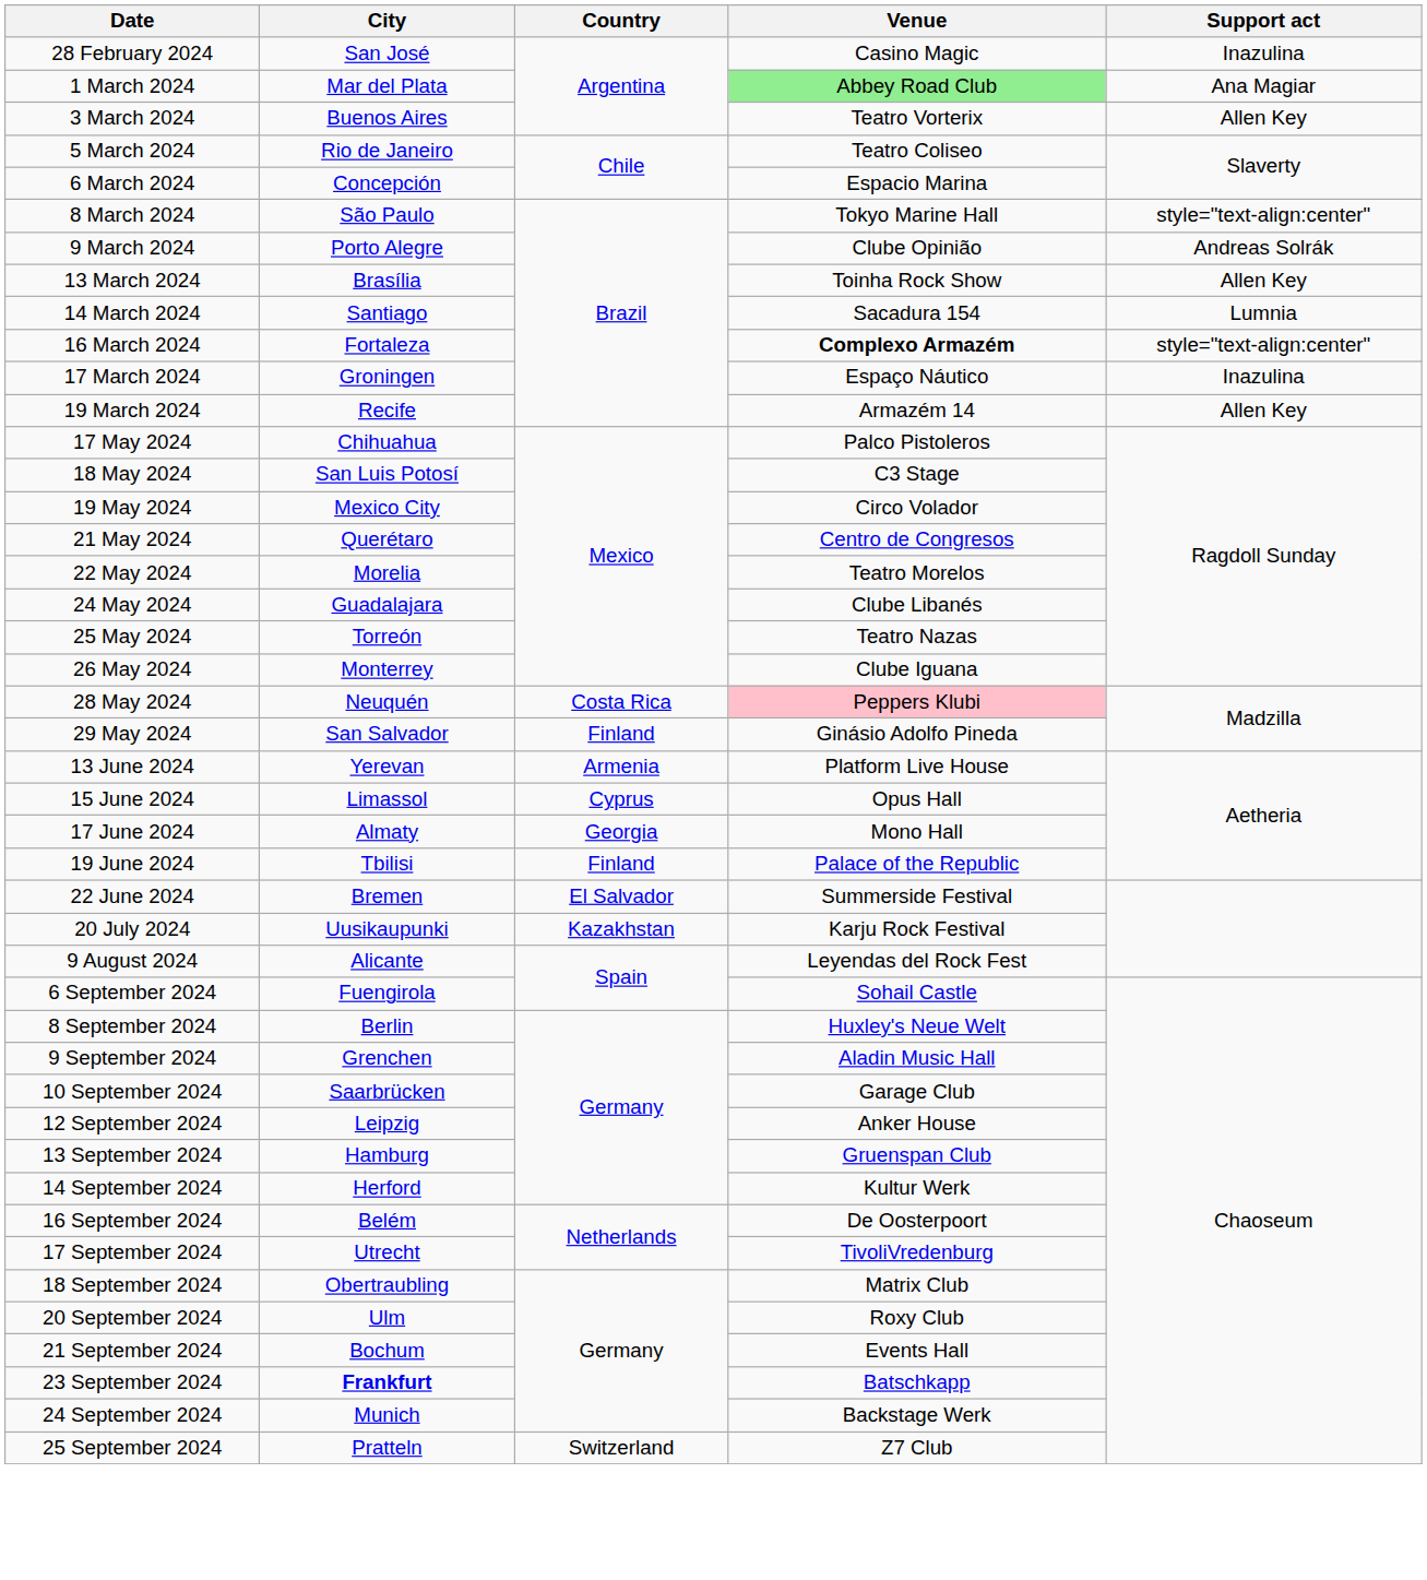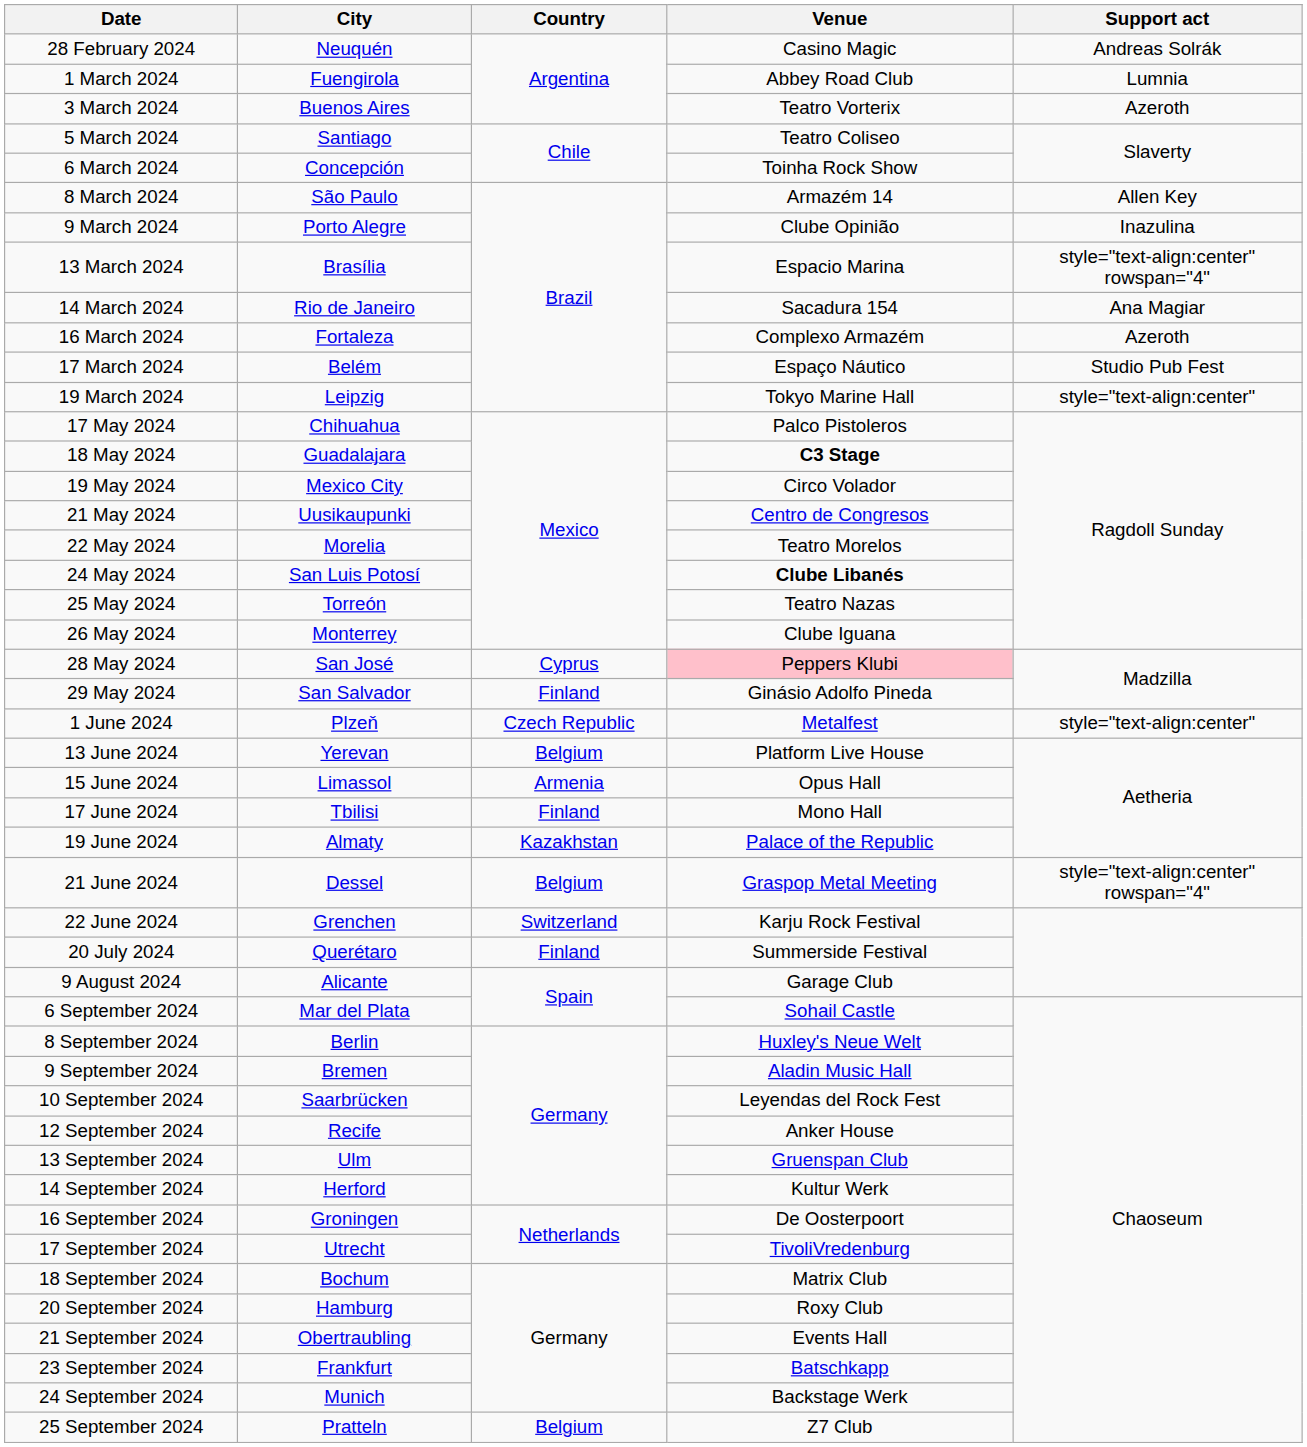 <table class="wikitable plainrowheaders" style="text-align:center;">
 <tr>
 <th scope="col" style="width:12em;">Date</th>
 <th scope="col" style="width:12em;">City</th>
 <th scope="col" style="width:10em;">Country</th>
 <th scope="col" style="width:18em;">Venue</th>
 <th scope="col" style="width:15em;">Support act</th>
 </tr>
 <tr>
 <td style="text-align:center">28 February 2024</td>
-<td style="text-align:center"><a href='#'>San José</a></td>
+<td style="text-align:center"><a href='#'>Neuquén</a></td>
 <td style="text-align:center" rowspan="3"><a href='#'>Argentina</a></td>
 <td style="text-align:center">Casino Magic</td>
-<td style="text-align:center">Inazulina</td>
+<td style="text-align:center">Andreas Solrák</td>
 </tr>
 <tr>
 <td style="text-align:center">1 March 2024</td>
-<td style="text-align:center"><a href='#'>Mar del Plata</a></td>
-<td style="background: lightgreen; text-align:center">Abbey Road Club</td>
-<td style="text-align:center">Ana Magiar</td>
+<td style="text-align:center"><a href='#'>Fuengirola</a></td>
+<td style="text-align:center">Abbey Road Club</td>
+<td style="text-align:center">Lumnia</td>
 </tr>
 <tr>
 <td style="text-align:center">3 March 2024</td>
 <td style="text-align:center"><a href='#'>Buenos Aires</a></td>
 <td style="text-align:center">Teatro Vorterix</td>
-<td style="text-align:center">Allen Key</td>
+<td style="text-align:center">Azeroth</td>
 </tr>
 <tr>
 <td style="text-align:center">5 March 2024</td>
-<td style="text-align:center"><a href='#'>Rio de Janeiro</a></td>
+<td style="text-align:center"><a href='#'>Santiago</a></td>
 <td style="text-align:center" rowspan="2"><a href='#'>Chile</a></td>
 <td style="text-align:center">Teatro Coliseo</td>
 <td style="text-align:center" rowspan="2">Slaverty</td>
 </tr>
 <tr>
 <td style="text-align:center">6 March 2024</td>
 <td style="text-align:center"><a href='#'>Concepción</a></td>
-<td style="text-align:center">Espacio Marina</td>
+<td style="text-align:center">Toinha Rock Show</td>
 </tr>
 <tr>
 <td style="text-align:center">8 March 2024</td>
 <td style="text-align:center"><a href='#'>São Paulo</a></td>
 <td style="text-align:center" rowspan="7"><a href='#'>Brazil</a></td>
-<td style="text-align:center">Tokyo Marine Hall</td>
-<td>style="text-align:center" </td>
+<td style="text-align:center">Armazém 14</td>
+<td style="text-align:center">Allen Key</td>
 </tr>
 <tr>
 <td style="text-align:center">9 March 2024</td>
 <td style="text-align:center"><a href='#'>Porto Alegre</a></td>
 <td style="text-align:center">Clube Opinião</td>
-<td style="text-align:center">Andreas Solrák</td>
+<td style="text-align:center">Inazulina</td>
 </tr>
 <tr>
 <td style="text-align:center">13 March 2024</td>
 <td style="text-align:center"><a href='#'>Brasília</a></td>
-<td style="text-align:center">Toinha Rock Show</td>
-<td style="text-align:center">Allen Key</td>
+<td style="text-align:center">Espacio Marina</td>
+<td>style="text-align:center" rowspan="4" </td>
 </tr>
 <tr>
 <td style="text-align:center">14 March 2024</td>
-<td style="text-align:center"><a href='#'>Santiago</a></td>
+<td style="text-align:center"><a href='#'>Rio de Janeiro</a></td>
 <td style="text-align:center">Sacadura 154</td>
-<td style="text-align:center">Lumnia</td>
+<td style="text-align:center">Ana Magiar</td>
 </tr>
 <tr>
 <td style="text-align:center">16 March 2024</td>
 <td style="text-align:center"><a href='#'>Fortaleza</a></td>
-<td style="text-align:center"><strong>Complexo Armazém</strong></td>
-<td>style="text-align:center" </td>
+<td style="text-align:center">Complexo Armazém</td>
+<td style="text-align:center">Azeroth</td>
 </tr>
 <tr>
 <td style="text-align:center">17 March 2024</td>
-<td style="text-align:center"><a href='#'>Groningen</a></td>
+<td style="text-align:center"><a href='#'>Belém</a></td>
 <td style="text-align:center">Espaço Náutico</td>
-<td style="text-align:center">Inazulina</td>
+<td style="text-align:center">Studio Pub Fest</td>
 </tr>
 <tr>
 <td style="text-align:center">19 March 2024</td>
-<td style="text-align:center"><a href='#'>Recife</a></td>
-<td style="text-align:center">Armazém 14</td>
-<td style="text-align:center">Allen Key</td>
+<td style="text-align:center"><a href='#'>Leipzig</a></td>
+<td style="text-align:center">Tokyo Marine Hall</td>
+<td>style="text-align:center" </td>
 </tr>
 <tr>
 <td style="text-align:center">17 May 2024</td>
 <td style="text-align:center"><a href='#'>Chihuahua</a></td>
 <td style="text-align:center" rowspan="8"><a href='#'>Mexico</a></td>
 <td style="text-align:center">Palco Pistoleros</td>
 <td style="text-align:center" rowspan="8">Ragdoll Sunday</td>
 </tr>
 <tr>
 <td style="text-align:center">18 May 2024</td>
-<td style="text-align:center"><a href='#'>San Luis Potosí</a></td>
-<td style="text-align:center">C3 Stage</td>
+<td style="text-align:center"><a href='#'>Guadalajara</a></td>
+<td style="text-align:center"><strong>C3 Stage</strong></td>
 </tr>
 <tr>
 <td style="text-align:center">19 May 2024</td>
 <td style="text-align:center"><a href='#'>Mexico City</a></td>
 <td style="text-align:center">Circo Volador</td>
 </tr>
 <tr>
 <td style="text-align:center">21 May 2024</td>
-<td style="text-align:center"><a href='#'>Querétaro</a></td>
+<td style="text-align:center"><a href='#'>Uusikaupunki</a></td>
 <td style="text-align:center"><a href='#'>Centro de Congresos</a></td>
 </tr>
 <tr>
 <td style="text-align:center">22 May 2024</td>
 <td style="text-align:center"><a href='#'>Morelia</a></td>
 <td style="text-align:center">Teatro Morelos</td>
 </tr>
 <tr>
 <td style="text-align:center">24 May 2024</td>
-<td style="text-align:center"><a href='#'>Guadalajara</a></td>
-<td style="text-align:center">Clube Libanés</td>
+<td style="text-align:center"><a href='#'>San Luis Potosí</a></td>
+<td style="text-align:center"><strong>Clube Libanés</strong></td>
 </tr>
 <tr>
 <td style="text-align:center">25 May 2024</td>
 <td style="text-align:center"><a href='#'>Torreón</a></td>
 <td style="text-align:center">Teatro Nazas</td>
 </tr>
 <tr>
 <td style="text-align:center">26 May 2024</td>
 <td style="text-align:center"><a href='#'>Monterrey</a></td>
 <td style="text-align:center">Clube Iguana</td>
 </tr>
 <tr>
 <td style="text-align:center">28 May 2024</td>
-<td style="text-align:center"><a href='#'>Neuquén</a></td>
-<td style="text-align:center"><a href='#'>Costa Rica</a></td>
+<td style="text-align:center"><a href='#'>San José</a></td>
+<td style="text-align:center"><a href='#'>Cyprus</a></td>
 <td style="background: pink; text-align:center">Peppers Klubi</td>
 <td style="text-align:center" rowspan="2">Madzilla</td>
 </tr>
 <tr>
 <td style="text-align:center">29 May 2024</td>
 <td style="text-align:center"><a href='#'>San Salvador</a></td>
 <td style="text-align:center"><a href='#'>Finland</a></td>
 <td style="text-align:center">Ginásio Adolfo Pineda</td>
 </tr>
 <tr>
+<td style="text-align:center">1 June 2024</td>
+<td style="text-align:center"><a href='#'>Plzeň</a></td>
+<td style="text-align:center"><a href='#'>Czech Republic</a></td>
+<td style="text-align:center"><a href='#'>Metalfest</a></td>
+<td>style="text-align:center" </td>
+</tr>
+<tr>
 <td style="text-align:center">13 June 2024</td>
 <td style="text-align:center"><a href='#'>Yerevan</a></td>
-<td style="text-align:center"><a href='#'>Armenia</a></td>
+<td style="text-align:center"><a href='#'>Belgium</a></td>
 <td style="text-align:center">Platform Live House</td>
 <td style="text-align:center" rowspan="4">Aetheria</td>
 </tr>
 <tr>
 <td style="text-align:center">15 June 2024</td>
 <td style="text-align:center"><a href='#'>Limassol</a></td>
-<td style="text-align:center"><a href='#'>Cyprus</a></td>
+<td style="text-align:center"><a href='#'>Armenia</a></td>
 <td style="text-align:center">Opus Hall</td>
 </tr>
 <tr>
 <td style="text-align:center">17 June 2024</td>
-<td style="text-align:center"><a href='#'>Almaty</a></td>
-<td style="text-align:center"><a href='#'>Georgia</a></td>
+<td style="text-align:center"><a href='#'>Tbilisi</a></td>
+<td style="text-align:center"><a href='#'>Finland</a></td>
 <td style="text-align:center">Mono Hall</td>
 </tr>
 <tr>
 <td style="text-align:center">19 June 2024</td>
-<td style="text-align:center"><a href='#'>Tbilisi</a></td>
-<td style="text-align:center"><a href='#'>Finland</a></td>
+<td style="text-align:center"><a href='#'>Almaty</a></td>
+<td style="text-align:center"><a href='#'>Kazakhstan</a></td>
 <td style="text-align:center"><a href='#'>Palace of the Republic</a></td>
 </tr>
 <tr>
+<td style="text-align:center">21 June 2024</td>
+<td style="text-align:center"><a href='#'>Dessel</a></td>
+<td style="text-align:center"><a href='#'>Belgium</a></td>
+<td style="text-align:center"><a href='#'>Graspop Metal Meeting</a></td>
+<td>style="text-align:center" rowspan="4" </td>
+</tr>
+<tr>
 <td style="text-align:center">22 June 2024</td>
-<td style="text-align:center"><a href='#'>Bremen</a></td>
-<td style="text-align:center"><a href='#'>El Salvador</a></td>
-<td style="text-align:center">Summerside Festival</td>
+<td style="text-align:center"><a href='#'>Grenchen</a></td>
+<td style="text-align:center"><a href='#'>Switzerland</a></td>
+<td style="text-align:center">Karju Rock Festival</td>
 </tr>
 <tr>
 <td style="text-align:center">20 July 2024</td>
-<td style="text-align:center"><a href='#'>Uusikaupunki</a></td>
-<td style="text-align:center"><a href='#'>Kazakhstan</a></td>
-<td style="text-align:center">Karju Rock Festival</td>
+<td style="text-align:center"><a href='#'>Querétaro</a></td>
+<td style="text-align:center"><a href='#'>Finland</a></td>
+<td style="text-align:center">Summerside Festival</td>
 </tr>
 <tr>
 <td style="text-align:center">9 August 2024</td>
 <td style="text-align:center"><a href='#'>Alicante</a></td>
 <td style="text-align:center" rowspan="2"><a href='#'>Spain</a></td>
-<td style="text-align:center">Leyendas del Rock Fest</td>
+<td style="text-align:center">Garage Club</td>
 </tr>
 <tr>
 <td style="text-align:center">6 September 2024</td>
-<td style="text-align:center"><a href='#'>Fuengirola</a></td>
+<td style="text-align:center"><a href='#'>Mar del Plata</a></td>
 <td style="text-align:center"><a href='#'>Sohail Castle</a></td>
 <td style="text-align:center" rowspan="15">Chaoseum</td>
 </tr>
 <tr>
 <td style="text-align:center">8 September 2024</td>
 <td style="text-align:center"><a href='#'>Berlin</a></td>
 <td style="text-align:center" rowspan="6"><a href='#'>Germany</a></td>
 <td style="text-align:center"><a href='#'>Huxley's Neue Welt</a></td>
 </tr>
 <tr>
 <td style="text-align:center">9 September 2024</td>
-<td style="text-align:center"><a href='#'>Grenchen</a></td>
+<td style="text-align:center"><a href='#'>Bremen</a></td>
 <td style="text-align:center"><a href='#'>Aladin Music Hall</a></td>
 </tr>
 <tr>
 <td style="text-align:center">10 September 2024</td>
 <td style="text-align:center"><a href='#'>Saarbrücken</a></td>
-<td style="text-align:center">Garage Club</td>
+<td style="text-align:center">Leyendas del Rock Fest</td>
 </tr>
 <tr>
 <td style="text-align:center">12 September 2024</td>
-<td style="text-align:center"><a href='#'>Leipzig</a></td>
+<td style="text-align:center"><a href='#'>Recife</a></td>
 <td style="text-align:center">Anker House</td>
 </tr>
 <tr>
 <td style="text-align:center">13 September 2024</td>
-<td style="text-align:center"><a href='#'>Hamburg</a></td>
+<td style="text-align:center"><a href='#'>Ulm</a></td>
 <td style="text-align:center"><a href='#'>Gruenspan Club</a></td>
 </tr>
 <tr>
 <td style="text-align:center">14 September 2024</td>
 <td style="text-align:center"><a href='#'>Herford</a></td>
 <td style="text-align:center">Kultur Werk</td>
 </tr>
 <tr>
 <td style="text-align:center">16 September 2024</td>
-<td style="text-align:center"><a href='#'>Belém</a></td>
+<td style="text-align:center"><a href='#'>Groningen</a></td>
 <td style="text-align:center" rowspan="2"><a href='#'>Netherlands</a></td>
 <td style="text-align:center">De Oosterpoort</td>
 </tr>
 <tr>
 <td style="text-align:center">17 September 2024</td>
 <td style="text-align:center"><a href='#'>Utrecht</a></td>
 <td style="text-align:center"><a href='#'>TivoliVredenburg</a></td>
 </tr>
 <tr>
 <td style="text-align:center">18 September 2024</td>
-<td style="text-align:center"><a href='#'>Obertraubling</a></td>
+<td style="text-align:center"><a href='#'>Bochum</a></td>
 <td style="text-align:center" rowspan="5">Germany</td>
 <td style="text-align:center">Matrix Club</td>
 </tr>
 <tr>
 <td style="text-align:center">20 September 2024</td>
-<td style="text-align:center"><a href='#'>Ulm</a></td>
+<td style="text-align:center"><a href='#'>Hamburg</a></td>
 <td style="text-align:center">Roxy Club</td>
 </tr>
 <tr>
 <td style="text-align:center">21 September 2024</td>
-<td style="text-align:center"><a href='#'>Bochum</a></td>
+<td style="text-align:center"><a href='#'>Obertraubling</a></td>
 <td style="text-align:center">Events Hall</td>
 </tr>
 <tr>
 <td style="text-align:center">23 September 2024</td>
-<td style="text-align:center"><strong><a href='#'>Frankfurt</a></strong></td>
+<td style="text-align:center"><a href='#'>Frankfurt</a></td>
 <td style="text-align:center"><a href='#'>Batschkapp</a></td>
 </tr>
 <tr>
 <td style="text-align:center">24 September 2024</td>
 <td style="text-align:center"><a href='#'>Munich</a></td>
 <td style="text-align:center">Backstage Werk</td>
 </tr>
 <tr>
 <td style="text-align:center">25 September 2024</td>
 <td style="text-align:center"><a href='#'>Pratteln</a></td>
-<td style="text-align:center">Switzerland</td>
+<td style="text-align:center"><a href='#'>Belgium</a></td>
 <td style="text-align:center">Z7 Club</td>
 </tr>
 </table>
